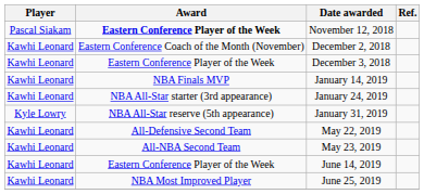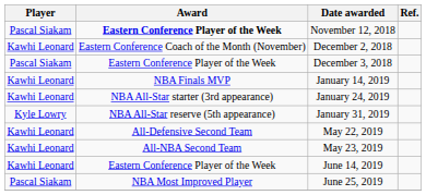 <table class="wikitable sortable sortable" style="text-align: center">
 <tr>
 <th>Player</th>
 <th>Award</th>
 <th>Date awarded</th>
 <th>Ref.</th>
 </tr>
 <tr>
 <td><a href='#'>Pascal Siakam</a></td>
 <td><strong><a href='#'>Eastern Conference</a> Player of the Week</strong></td>
 <td>November 12, 2018</td>
 <td align=center></td>
 </tr>
 <tr>
 <td><a href='#'>Kawhi Leonard</a></td>
 <td><a href='#'>Eastern Conference</a> Coach of the Month (November)</td>
 <td>December 2, 2018</td>
 <td align=center></td>
 </tr>
 <tr>
-<td><a href='#'>Kawhi Leonard</a></td>
+<td><a href='#'>Pascal Siakam</a></td>
 <td><a href='#'>Eastern Conference</a> Player of the Week</td>
 <td>December 3, 2018</td>
 <td align=center></td>
 </tr>
 <tr>
 <td><a href='#'>Kawhi Leonard</a></td>
 <td><a href='#'>NBA Finals MVP</a></td>
 <td>January 14, 2019</td>
 <td align=center></td>
 </tr>
 <tr>
 <td><a href='#'>Kawhi Leonard</a></td>
 <td><a href='#'>NBA All-Star</a> starter (3rd appearance)</td>
 <td>January 24, 2019</td>
 <td align=center></td>
 </tr>
 <tr>
 <td><a href='#'>Kyle Lowry</a></td>
 <td><a href='#'>NBA All-Star</a> reserve (5th appearance)</td>
 <td>January 31, 2019</td>
 <td align=center></td>
 </tr>
 <tr>
 <td><a href='#'>Kawhi Leonard</a></td>
 <td><a href='#'>All-Defensive Second Team</a></td>
 <td>May 22, 2019</td>
 <td align=center></td>
 </tr>
 <tr>
 <td><a href='#'>Kawhi Leonard</a></td>
 <td><a href='#'>All-NBA Second Team</a></td>
 <td>May 23, 2019</td>
 <td align=center></td>
 </tr>
 <tr>
 <td><a href='#'>Kawhi Leonard</a></td>
 <td><a href='#'>Eastern Conference</a> Player of the Week</td>
 <td>June 14, 2019</td>
 <td align=center></td>
 </tr>
 <tr>
-<td><a href='#'>Kawhi Leonard</a></td>
+<td><a href='#'>Pascal Siakam</a></td>
 <td><a href='#'>NBA Most Improved Player</a></td>
 <td>June 25, 2019</td>
 <td align=center></td>
 </tr>
 <tr>
 </tr>
 </table>
